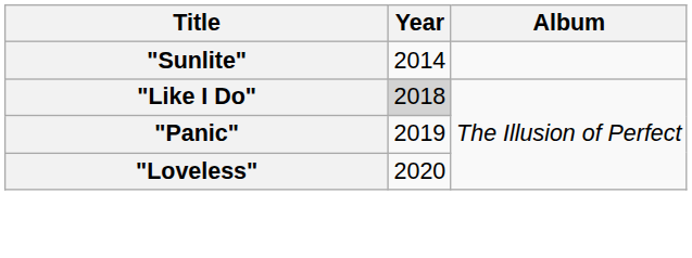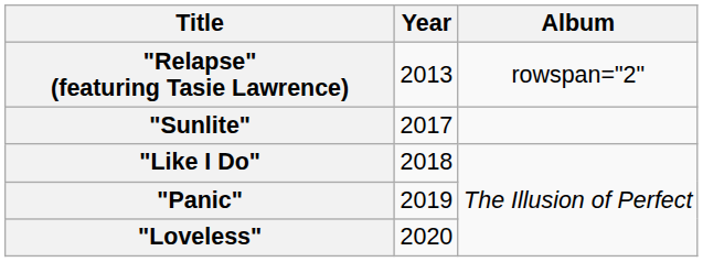 <table class="wikitable plainrowheaders" style="text-align:center">
 <tr>
 <th scope="col" style="width:16em;">Title</th>
 <th scope="col">Year</th>
 <th scope="col">Album</th>
 </tr>
 <tr>
+<th scope="row">"Relapse"<br><span>(featuring Tasie Lawrence)</span></th>
+<td>2013</td>
+<td>rowspan="2" </td>
+</tr>
+<tr>
 <th scope="row">"Sunlite"</th>
-<td>2014</td>
+<td>2017</td>
 </tr>
 <tr>
 <th scope="row">"Like I Do"</th>
-<td style="background: lightgrey;">2018</td>
+<td>2018</td>
 <td rowspan="3"><em>The Illusion of Perfect</em></td>
 </tr>
 <tr>
 <th scope="row">"Panic"</th>
 <td>2019</td>
 </tr>
 <tr>
 <th scope="row">"Loveless"</th>
 <td>2020</td>
 </tr>
 </table>
